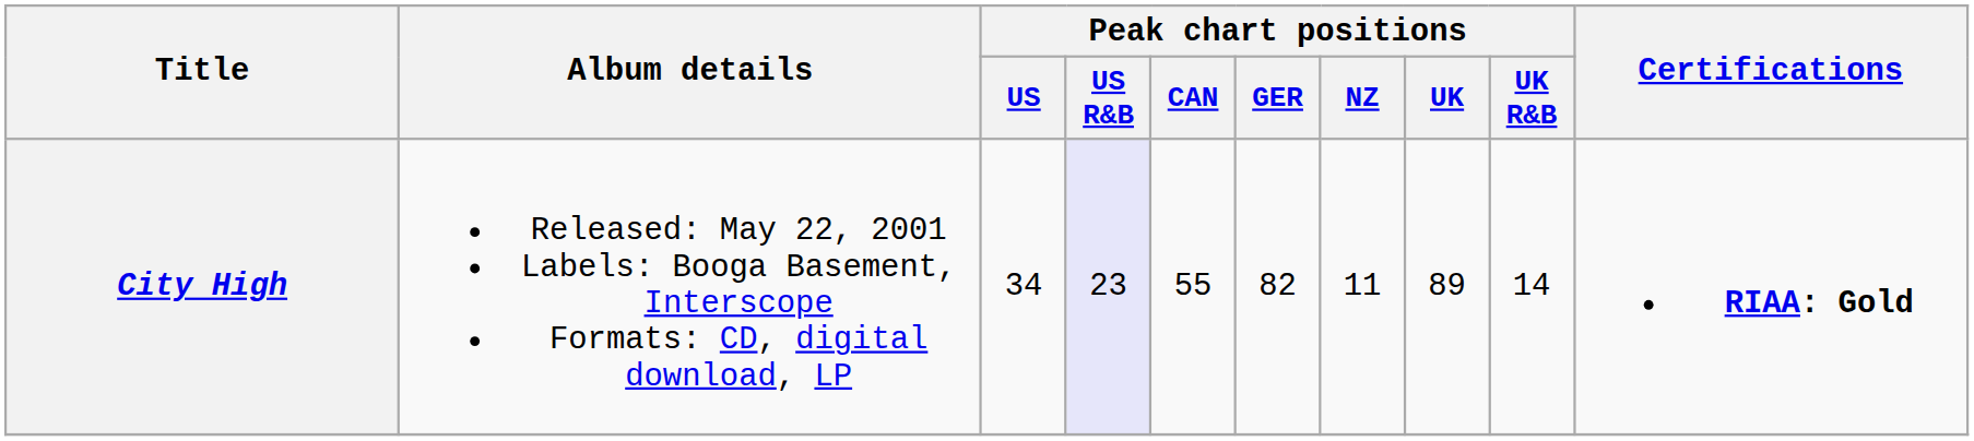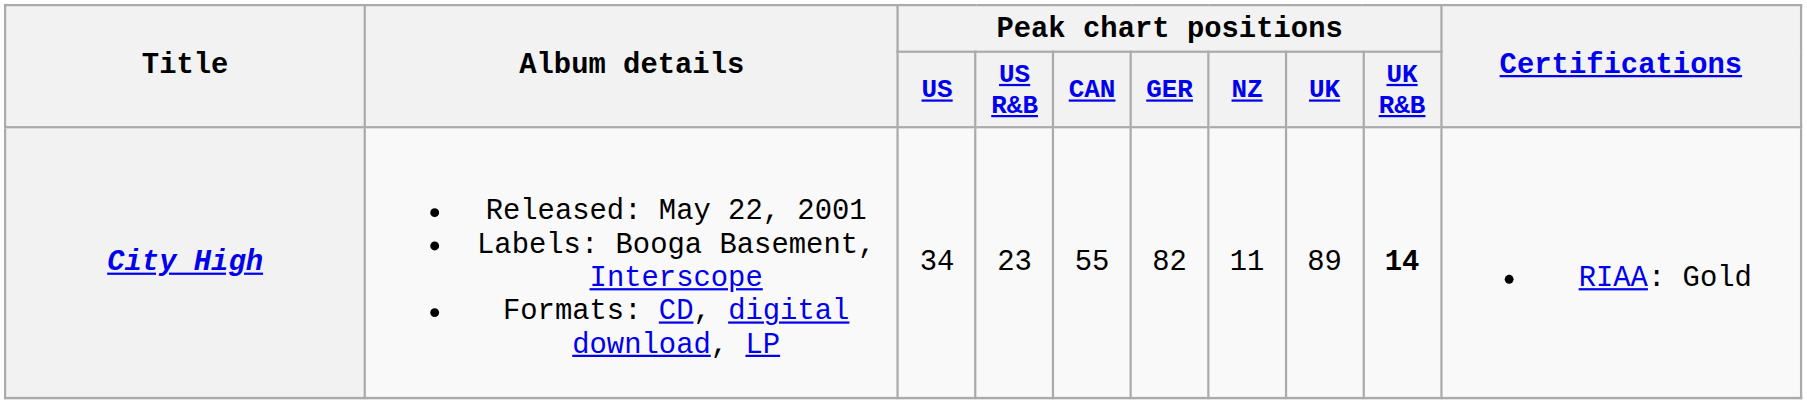 <table class="wikitable plainrowheaders" style="text-align:center;" border="1">
 <tr>
 <th scope="col" rowspan="2" style="width:12em;">Title</th>
 <th scope="col" rowspan="2" style="width:18em;">Album details</th>
 <th scope="col" colspan="7">Peak chart positions</th>
 <th scope="col" rowspan="2" style="width:12em;"><a href='#'>Certifications</a></th>
 </tr>
 <tr>
 <th scope="col" style="width:2.5em;font-size:90%;"><a href='#'>US</a><br></th>
 <th scope="col" style="width:2.5em;font-size:90%;"><a href='#'>US<br>R&B</a><br></th>
 <th scope="col" style="width:2.5em;font-size:90%;"><a href='#'>CAN</a><br></th>
 <th scope="col" style="width:2.5em;font-size:90%;"><a href='#'>GER</a><br></th>
 <th scope="col" style="width:2.5em;font-size:90%;"><a href='#'>NZ</a><br></th>
 <th scope="col" style="width:2.5em;font-size:90%;"><a href='#'>UK</a><br></th>
 <th scope="col" style="width:2.5em;font-size:90%;"><a href='#'>UK<br>R&B</a><br></th>
 </tr>
 <tr>
 <th scope="row"><em><a href='#'>City High</a></em></th>
 <td><br><ul><li>Released: May 22, 2001</li><li>Labels: Booga Basement, <a href='#'>Interscope</a></li><li>Formats: <a href='#'>CD</a>, <a href='#'>digital download</a>, <a href='#'>LP</a></li></ul></td>
 <td>34</td>
-<td style="background: lavender;">23</td>
+<td>23</td>
 <td>55</td>
 <td>82</td>
 <td>11</td>
 <td>89</td>
-<td>14</td>
-<td><strong><br><ul><li><a href='#'>RIAA</a>: Gold</li></ul></strong></td>
+<td><strong>14</strong></td>
+<td><br><ul><li><a href='#'>RIAA</a>: Gold</li></ul></td>
 </tr>
 <tr>
 </tr>
 </table>
